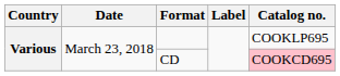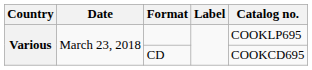 <table class="wikitable plainrowheaders">
 <tr>
 <th>Country</th>
 <th>Date</th>
 <th>Format</th>
 <th>Label</th>
 <th>Catalog no.</th>
 </tr>
 <tr>
 <th scope="row" rowspan="3">Various</th>
 <td rowspan="3">March 23, 2018</td>
 <td></td>
 <td rowspan="3"></td>
 <td>COOKLP695</td>
 </tr>
 <tr>
 <td>CD</td>
-<td style="background: pink;">COOKCD695</td>
+<td>COOKCD695</td>
 </tr>
 </table>
